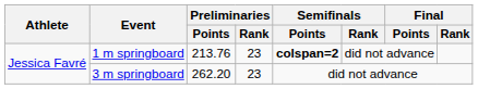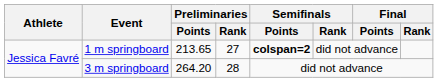 <table class=wikitable style="font-size:90%;">
 <tr>
 <th rowspan="2">Athlete</th>
 <th rowspan="2">Event</th>
 <th colspan="2">Preliminaries</th>
 <th colspan="2">Semifinals</th>
 <th colspan="2">Final</th>
 </tr>
 <tr style="font-size:95%">
 <th>Points</th>
 <th>Rank</th>
 <th>Points</th>
 <th>Rank</th>
 <th>Points</th>
 <th>Rank</th>
 </tr>
 <tr align=center>
 <td align=left rowspan=2><a href='#'>Jessica Favré</a></td>
 <td align=left><a href='#'>1 m springboard</a></td>
-<td>213.76</td>
-<td>23</td>
+<td>213.65</td>
+<td>27</td>
 <td><strong>colspan=2 </strong></td>
 <td colspan=2>did not advance</td>
 </tr>
 <tr align=center>
 <td align=left><a href='#'>3 m springboard</a></td>
-<td>262.20</td>
-<td>23</td>
+<td>264.20</td>
+<td>28</td>
 <td colspan=4>did not advance</td>
 </tr>
 </table>
